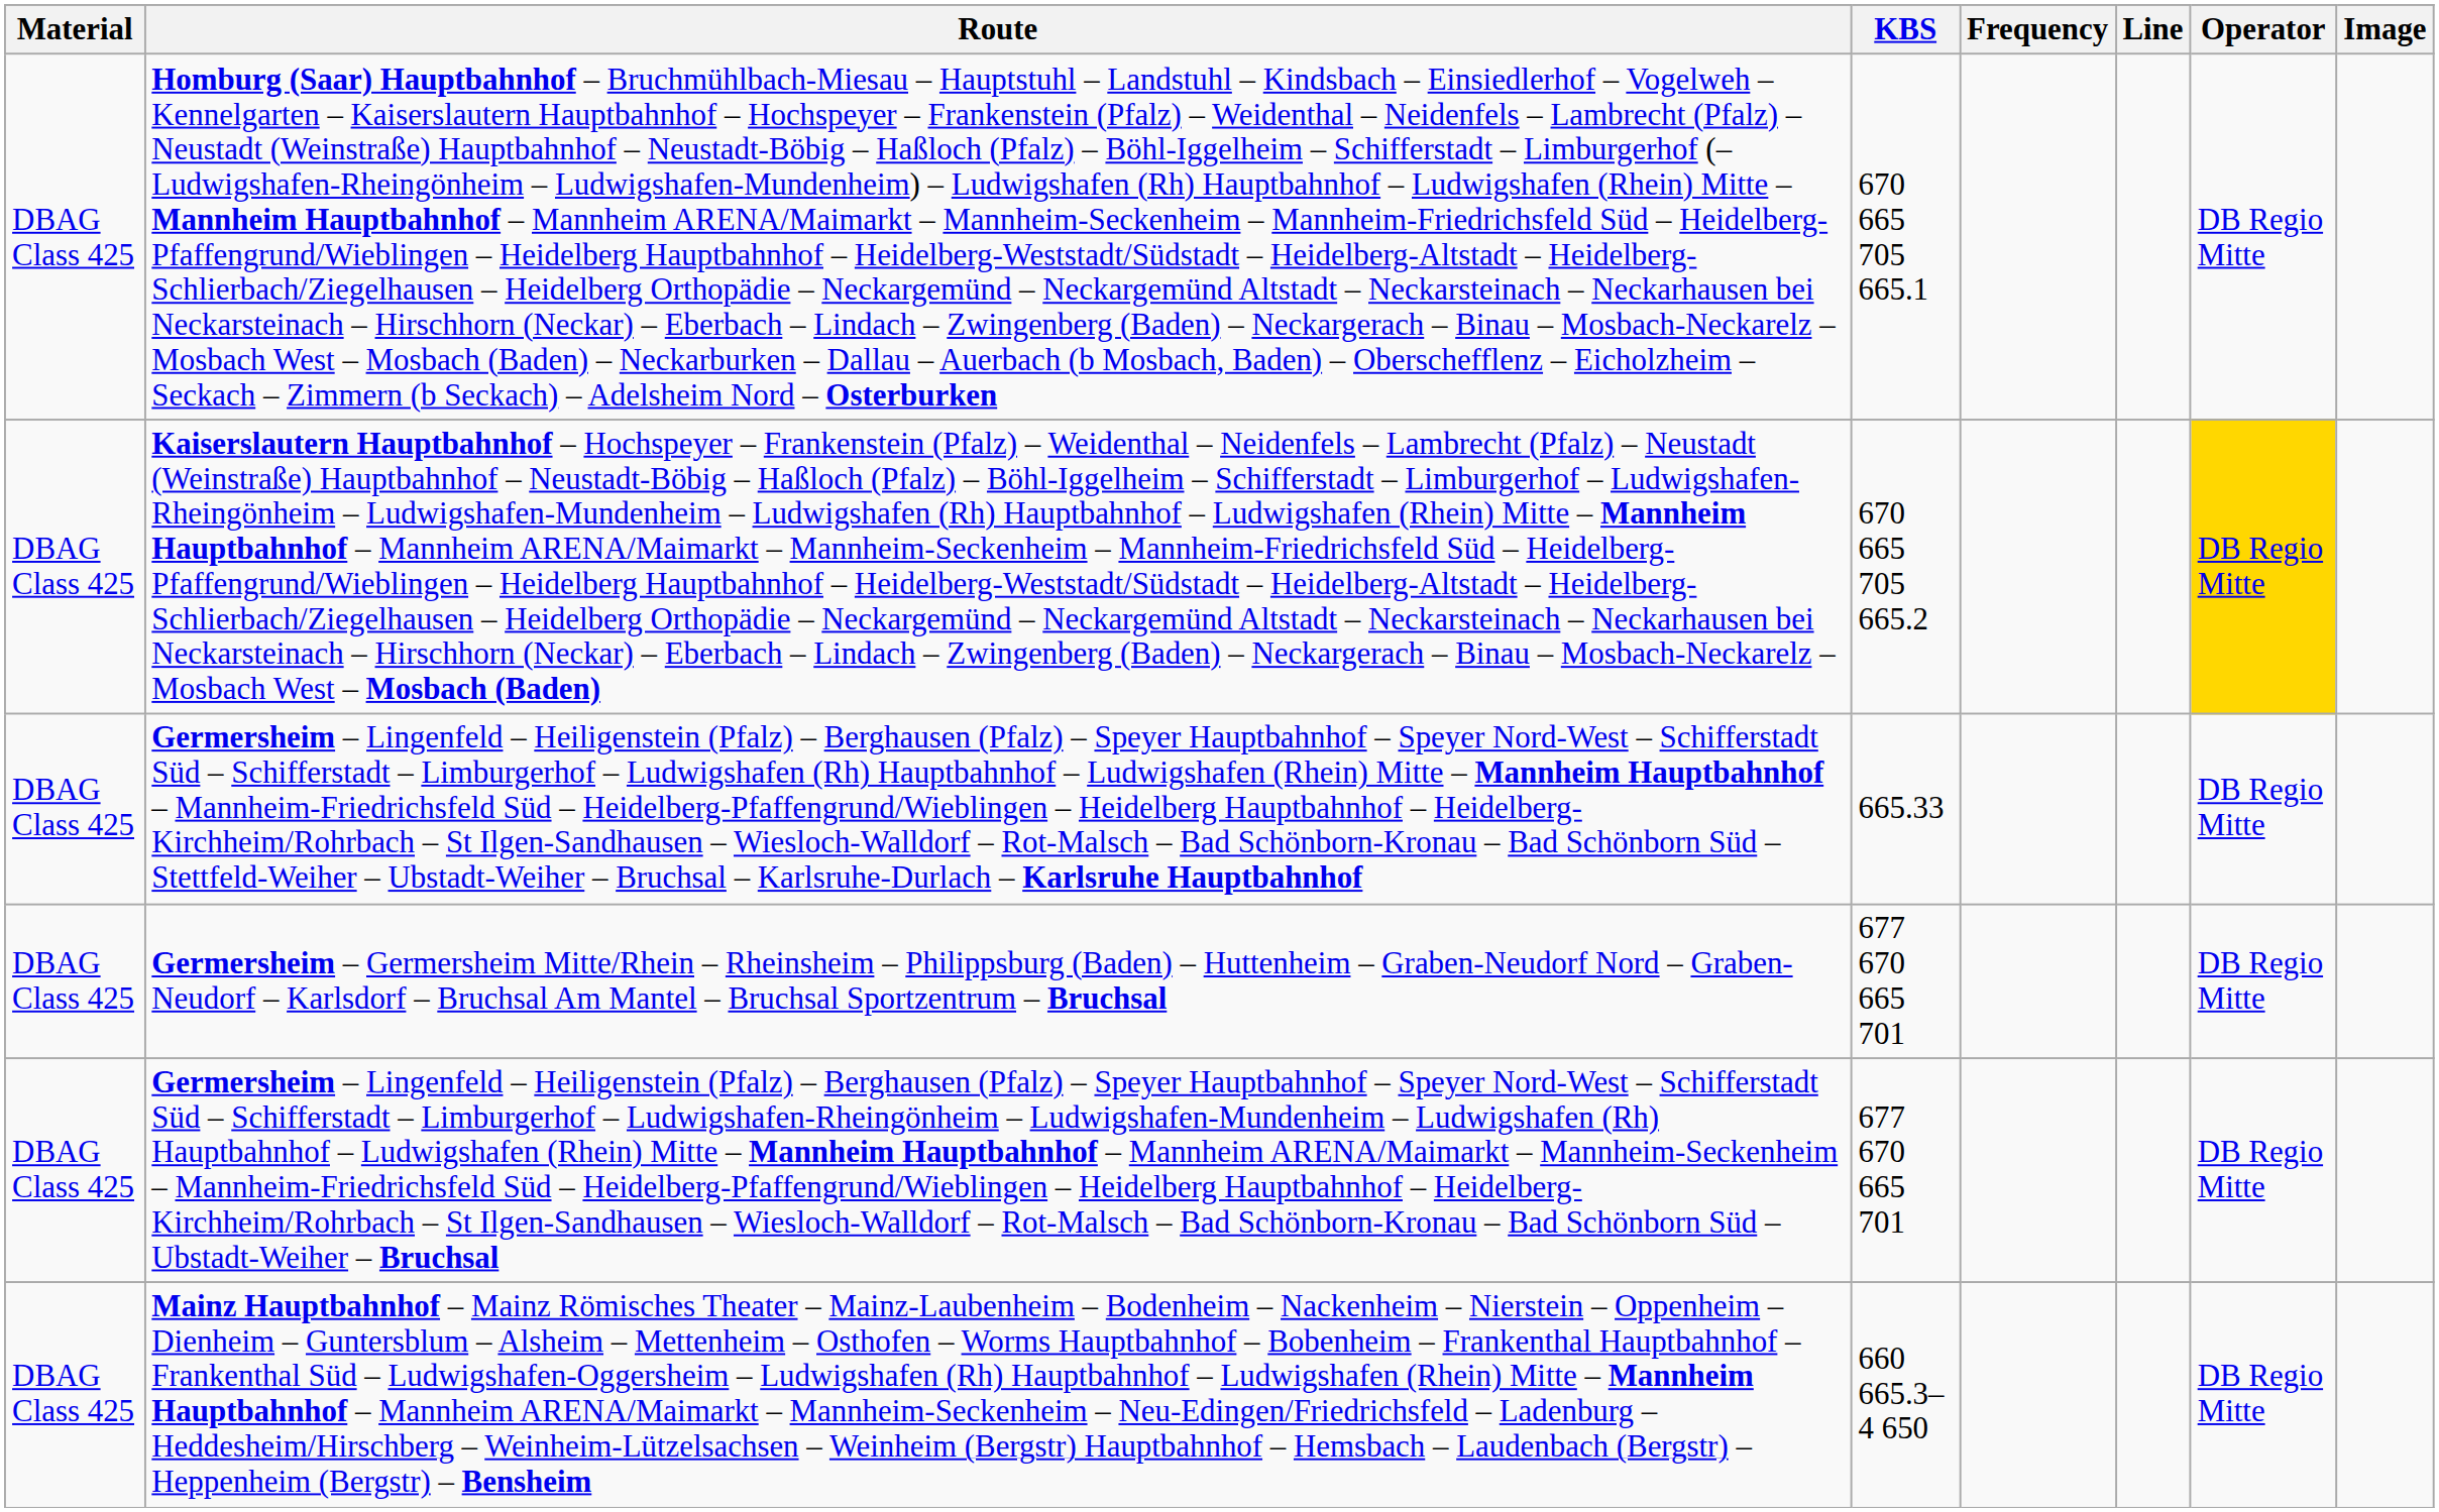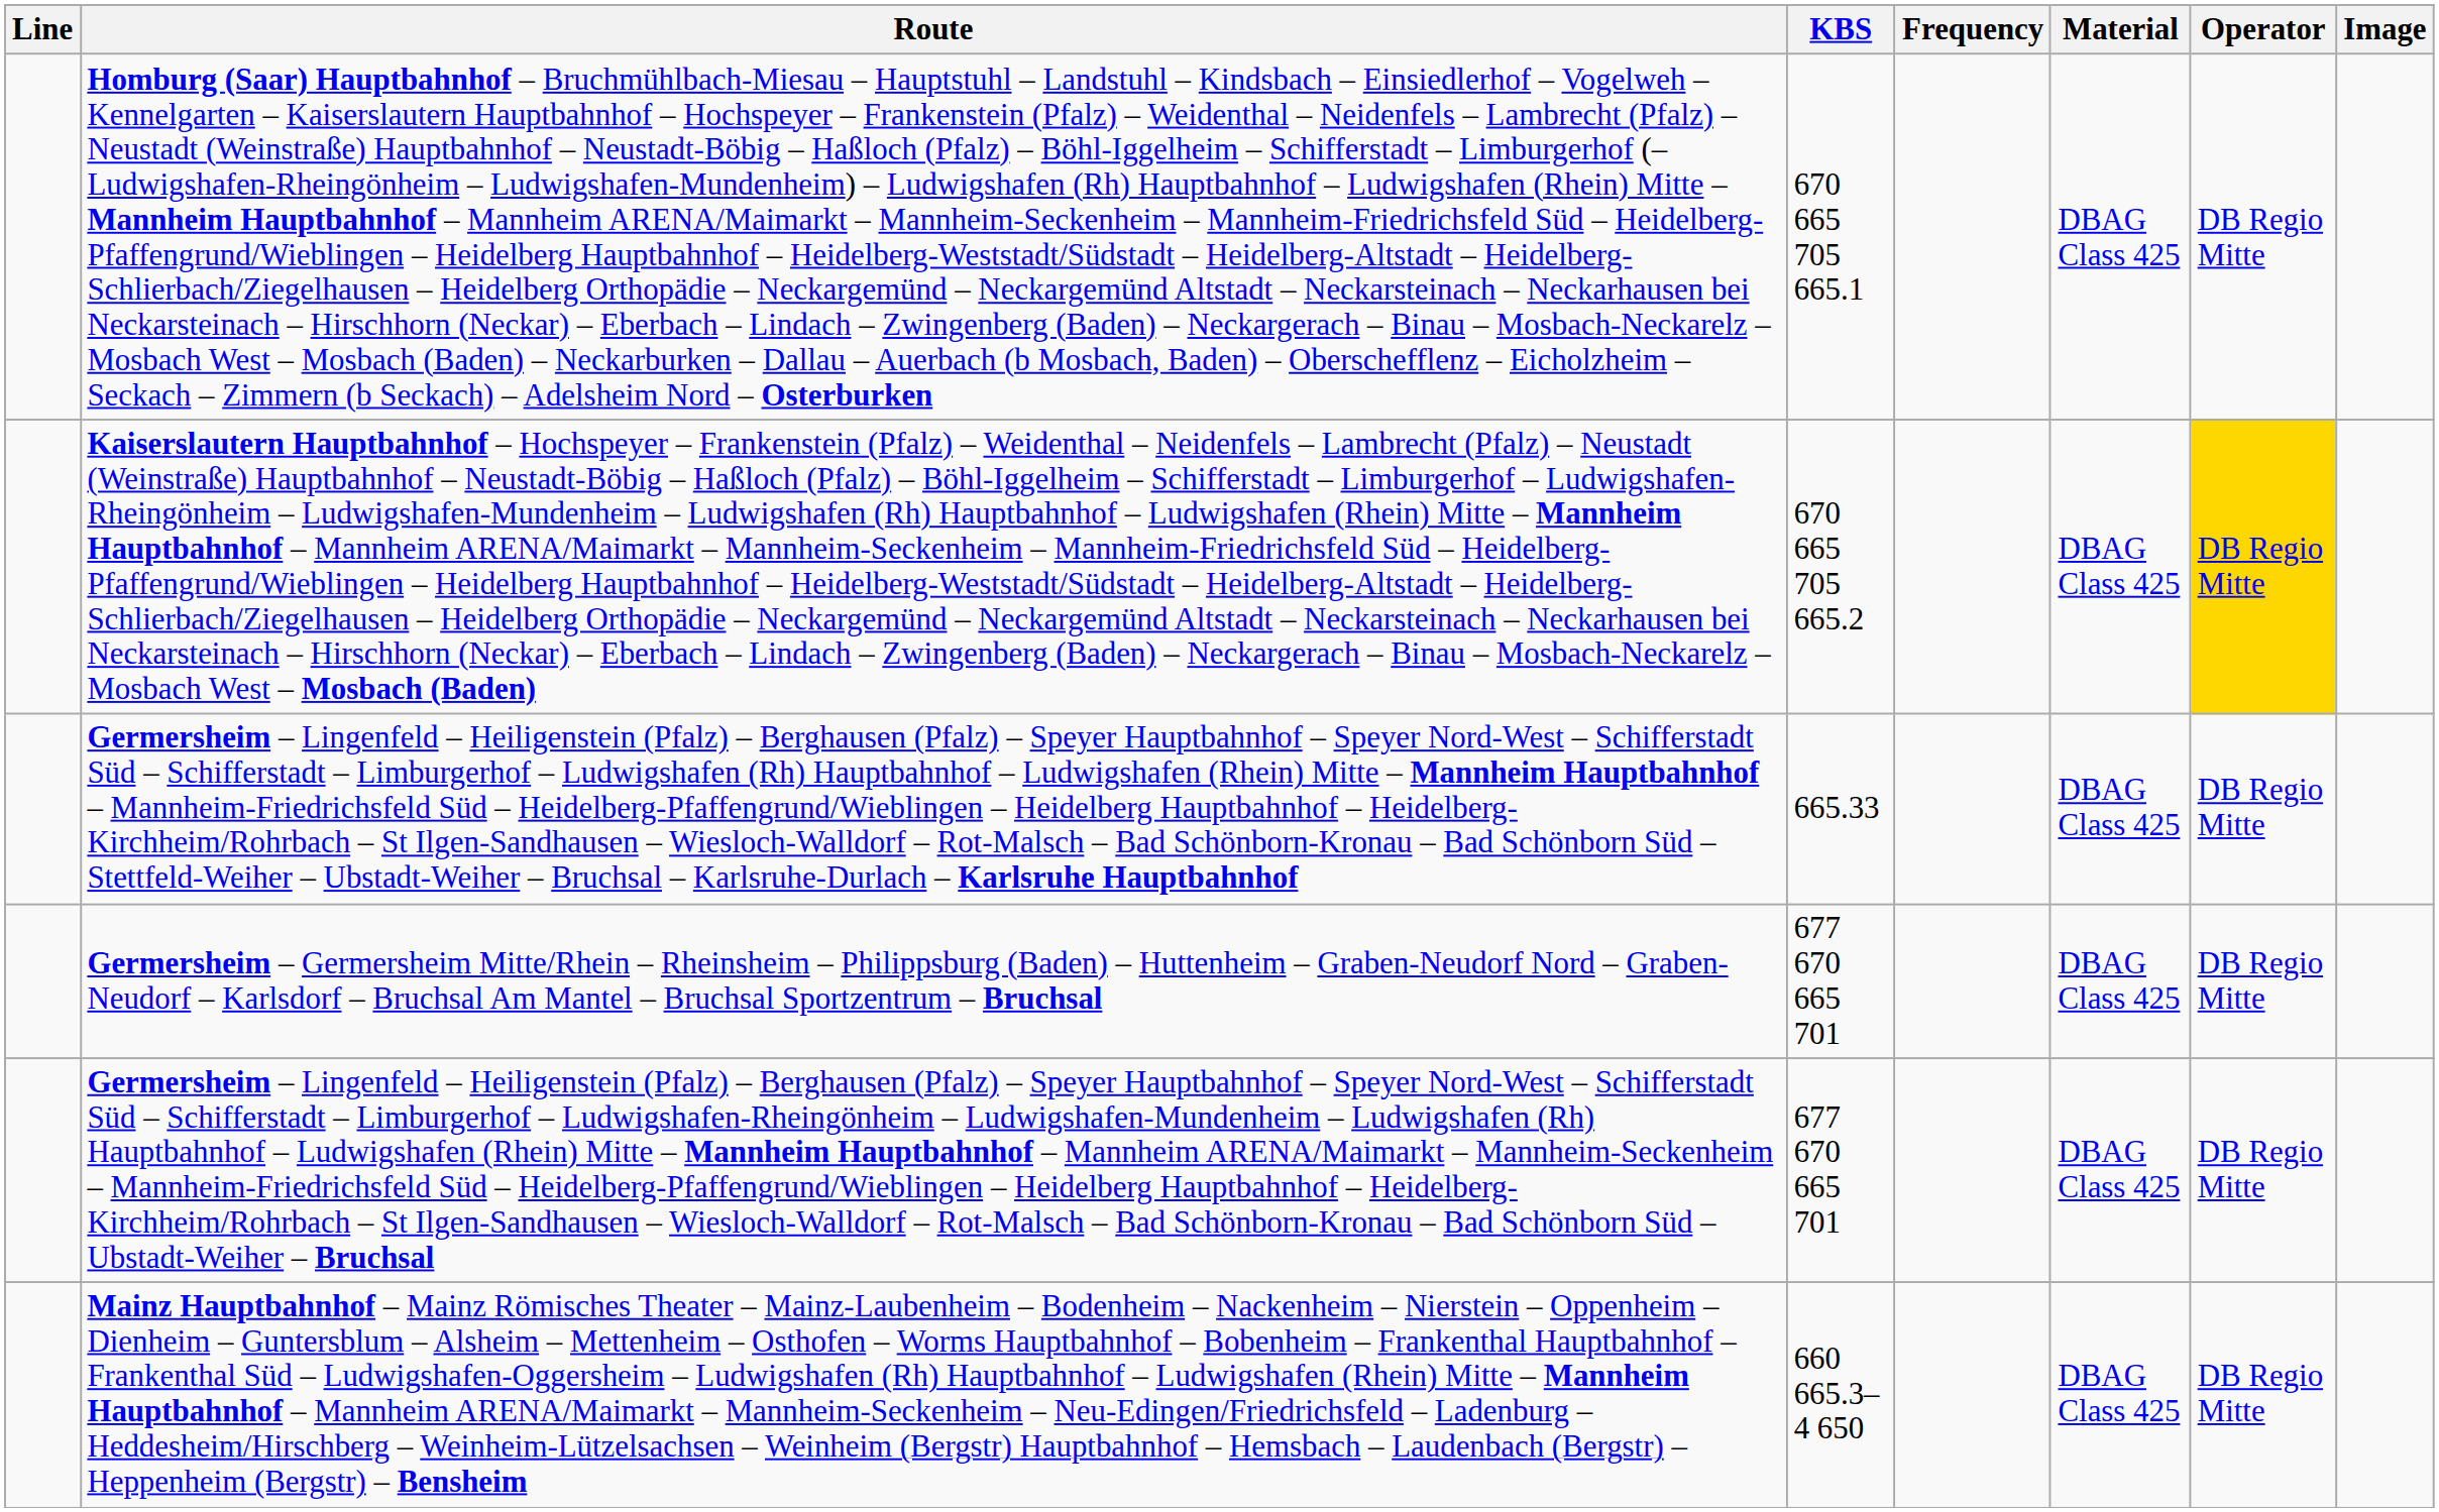 <table class="wikitable sortable" style="">
 <tr>
-<th>Material</th>
+<th>Line</th>
 <th>Route</th>
 <th><a href='#'>KBS</a></th>
 <th>Frequency</th>
-<th>Line</th>
+<th>Material</th>
 <th>Operator</th>
 <th>Image</th>
 </tr>
 <tr>
-<td><a href='#'>DBAG Class 425</a></td>
+<td align="center"></td>
 <td><strong><a href='#'>Homburg (Saar) Hauptbahnhof</a></strong> – <a href='#'>Bruchmühlbach-Miesau</a> – <a href='#'>Hauptstuhl</a> – <a href='#'>Landstuhl</a> – <a href='#'>Kindsbach</a> – <a href='#'>Einsiedlerhof</a> – <a href='#'>Vogelweh</a> – <a href='#'>Kennelgarten</a> – <a href='#'>Kaiserslautern Hauptbahnhof</a> – <a href='#'>Hochspeyer</a> – <a href='#'>Frankenstein (Pfalz)</a> – <a href='#'>Weidenthal</a> – <a href='#'>Neidenfels</a> – <a href='#'>Lambrecht (Pfalz)</a> – <a href='#'>Neustadt (Weinstraße) Hauptbahnhof</a> – <a href='#'>Neustadt-Böbig</a> – <a href='#'>Haßloch (Pfalz)</a> – <a href='#'>Böhl-Iggelheim</a> – <a href='#'>Schifferstadt</a> – <a href='#'>Limburgerhof</a> (– <a href='#'>Ludwigshafen-Rheingönheim</a> – <a href='#'>Ludwigshafen-Mundenheim</a>) – <a href='#'>Ludwigshafen (Rh) Hauptbahnhof</a> – <a href='#'>Ludwigshafen (Rhein) Mitte</a> – <strong><a href='#'>Mannheim Hauptbahnhof</a></strong> – <a href='#'>Mannheim ARENA/Maimarkt</a> – <a href='#'>Mannheim-Seckenheim</a> – <a href='#'>Mannheim-Friedrichsfeld Süd</a> – <a href='#'>Heidelberg-Pfaffengrund/Wieblingen</a> – <a href='#'>Heidelberg Hauptbahnhof</a> – <a href='#'>Heidelberg-Weststadt/Südstadt</a> – <a href='#'>Heidelberg-Altstadt</a> – <a href='#'>Heidelberg-Schlierbach/Ziegelhausen</a> – <a href='#'>Heidelberg Orthopädie</a> – <a href='#'>Neckargemünd</a> – <a href='#'>Neckargemünd Altstadt</a> – <a href='#'>Neckarsteinach</a> – <a href='#'>Neckarhausen bei Neckarsteinach</a> – <a href='#'>Hirschhorn (Neckar)</a> – <a href='#'>Eberbach</a> – <a href='#'>Lindach</a> – <a href='#'>Zwingenberg (Baden)</a> – <a href='#'>Neckargerach</a> – <a href='#'>Binau</a> – <a href='#'>Mosbach-Neckarelz</a> – <a href='#'>Mosbach West</a> – <a href='#'>Mosbach (Baden)</a> – <a href='#'>Neckarburken</a> – <a href='#'>Dallau</a> – <a href='#'>Auerbach (b Mosbach, Baden)</a> – <a href='#'>Oberschefflenz</a> – <a href='#'>Eicholzheim</a> – <a href='#'>Seckach</a> – <a href='#'>Zimmern (b Seckach)</a> – <a href='#'>Adelsheim Nord</a> – <strong><a href='#'>Osterburken</a></strong></td>
 <td>670<br>665 705 665.1</td>
 <td></td>
-<td align="center"></td>
+<td><a href='#'>DBAG Class 425</a></td>
 <td><a href='#'>DB Regio Mitte</a></td>
 <td></td>
 </tr>
 <tr>
-<td><a href='#'>DBAG Class 425</a></td>
+<td align="center"></td>
 <td><strong><a href='#'>Kaiserslautern Hauptbahnhof</a></strong> – <a href='#'>Hochspeyer</a> – <a href='#'>Frankenstein (Pfalz)</a> – <a href='#'>Weidenthal</a> – <a href='#'>Neidenfels</a> – <a href='#'>Lambrecht (Pfalz)</a> – <a href='#'>Neustadt (Weinstraße) Hauptbahnhof</a> – <a href='#'>Neustadt-Böbig</a> – <a href='#'>Haßloch (Pfalz)</a> – <a href='#'>Böhl-Iggelheim</a> – <a href='#'>Schifferstadt</a> – <a href='#'>Limburgerhof</a> – <a href='#'>Ludwigshafen-Rheingönheim</a> – <a href='#'>Ludwigshafen-Mundenheim</a> – <a href='#'>Ludwigshafen (Rh) Hauptbahnhof</a> – <a href='#'>Ludwigshafen (Rhein) Mitte</a> – <strong><a href='#'>Mannheim Hauptbahnhof</a></strong> – <a href='#'>Mannheim ARENA/Maimarkt</a> – <a href='#'>Mannheim-Seckenheim</a> – <a href='#'>Mannheim-Friedrichsfeld Süd</a> – <a href='#'>Heidelberg-Pfaffengrund/Wieblingen</a> – <a href='#'>Heidelberg Hauptbahnhof</a> – <a href='#'>Heidelberg-Weststadt/Südstadt</a> – <a href='#'>Heidelberg-Altstadt</a> – <a href='#'>Heidelberg-Schlierbach/Ziegelhausen</a> – <a href='#'>Heidelberg Orthopädie</a> – <a href='#'>Neckargemünd</a> – <a href='#'>Neckargemünd Altstadt</a> – <a href='#'>Neckarsteinach</a> – <a href='#'>Neckarhausen bei Neckarsteinach</a> – <a href='#'>Hirschhorn (Neckar)</a> – <a href='#'>Eberbach</a> – <a href='#'>Lindach</a> – <a href='#'>Zwingenberg (Baden)</a> – <a href='#'>Neckargerach</a> – <a href='#'>Binau</a> – <a href='#'>Mosbach-Neckarelz</a> – <a href='#'>Mosbach West</a> – <strong><a href='#'>Mosbach (Baden)</a></strong></td>
 <td>670<br>665 705 665.2</td>
 <td></td>
-<td align="center"></td>
+<td><a href='#'>DBAG Class 425</a></td>
 <td style="background: gold;"><a href='#'>DB Regio Mitte</a></td>
 <td></td>
 </tr>
 <tr>
-<td><a href='#'>DBAG Class 425</a></td>
+<td></td>
 <td><strong><a href='#'>Germersheim</a></strong> – <a href='#'>Lingenfeld</a> – <a href='#'>Heiligenstein (Pfalz)</a> – <a href='#'>Berghausen (Pfalz)</a> – <a href='#'>Speyer Hauptbahnhof</a> – <a href='#'>Speyer Nord-West</a> – <a href='#'>Schifferstadt Süd</a> – <a href='#'>Schifferstadt</a> – <a href='#'>Limburgerhof</a> – <a href='#'>Ludwigshafen (Rh) Hauptbahnhof</a> – <a href='#'>Ludwigshafen (Rhein) Mitte</a> – <strong><a href='#'>Mannheim Hauptbahnhof</a></strong> – <a href='#'>Mannheim-Friedrichsfeld Süd</a> – <a href='#'>Heidelberg-Pfaffengrund/Wieblingen</a> – <a href='#'>Heidelberg Hauptbahnhof</a> – <a href='#'>Heidelberg-Kirchheim/Rohrbach</a> – <a href='#'>St Ilgen-Sandhausen</a> – <a href='#'>Wiesloch-Walldorf</a> – <a href='#'>Rot-Malsch</a> – <a href='#'>Bad Schönborn-Kronau</a> – <a href='#'>Bad Schönborn Süd</a> – <a href='#'>Stettfeld-Weiher</a> – <a href='#'>Ubstadt-Weiher</a> – <a href='#'>Bruchsal</a> – <a href='#'>Karlsruhe-Durlach</a> – <strong><a href='#'>Karlsruhe Hauptbahnhof</a></strong></td>
 <td>665.33</td>
 <td></td>
-<td></td>
+<td><a href='#'>DBAG Class 425</a></td>
 <td><a href='#'>DB Regio Mitte</a></td>
 <td></td>
 </tr>
 <tr>
-<td><a href='#'>DBAG Class 425</a></td>
+<td></td>
 <td><strong><a href='#'>Germersheim</a></strong> – <a href='#'>Germersheim Mitte/Rhein</a> – <a href='#'>Rheinsheim</a> – <a href='#'>Philippsburg (Baden)</a> – <a href='#'>Huttenheim</a> – <a href='#'>Graben-Neudorf Nord</a> – <a href='#'>Graben-Neudorf</a> – <a href='#'>Karlsdorf</a> – <a href='#'>Bruchsal Am Mantel</a> – <a href='#'>Bruchsal Sportzentrum</a> – <strong><a href='#'>Bruchsal</a></strong></td>
 <td>677<br>670 665 701</td>
 <td></td>
-<td></td>
+<td><a href='#'>DBAG Class 425</a></td>
 <td><a href='#'>DB Regio Mitte</a></td>
 <td></td>
 </tr>
 <tr>
-<td><a href='#'>DBAG Class 425</a></td>
+<td></td>
 <td><strong><a href='#'>Germersheim</a></strong> – <a href='#'>Lingenfeld</a> – <a href='#'>Heiligenstein (Pfalz)</a> – <a href='#'>Berghausen (Pfalz)</a> – <a href='#'>Speyer Hauptbahnhof</a> – <a href='#'>Speyer Nord-West</a> – <a href='#'>Schifferstadt Süd</a> – <a href='#'>Schifferstadt</a> – <a href='#'>Limburgerhof</a> – <a href='#'>Ludwigshafen-Rheingönheim</a> – <a href='#'>Ludwigshafen-Mundenheim</a> – <a href='#'>Ludwigshafen (Rh) Hauptbahnhof</a> – <a href='#'>Ludwigshafen (Rhein) Mitte</a> – <strong><a href='#'>Mannheim Hauptbahnhof</a></strong> – <a href='#'>Mannheim ARENA/Maimarkt</a> – <a href='#'>Mannheim-Seckenheim</a> – <a href='#'>Mannheim-Friedrichsfeld Süd</a> – <a href='#'>Heidelberg-Pfaffengrund/Wieblingen</a> – <a href='#'>Heidelberg Hauptbahnhof</a> – <a href='#'>Heidelberg-Kirchheim/Rohrbach</a> – <a href='#'>St Ilgen-Sandhausen</a> – <a href='#'>Wiesloch-Walldorf</a> – <a href='#'>Rot-Malsch</a> – <a href='#'>Bad Schönborn-Kronau</a> – <a href='#'>Bad Schönborn Süd</a> – <a href='#'>Ubstadt-Weiher</a> – <strong><a href='#'>Bruchsal</a></strong></td>
 <td>677<br>670 665 701</td>
 <td></td>
-<td></td>
+<td><a href='#'>DBAG Class 425</a></td>
 <td><a href='#'>DB Regio Mitte</a></td>
 <td></td>
 </tr>
 <tr>
-<td><a href='#'>DBAG Class 425</a></td>
+<td></td>
 <td><strong><a href='#'>Mainz Hauptbahnhof</a></strong> – <a href='#'>Mainz Römisches Theater</a> – <a href='#'>Mainz-Laubenheim</a> – <a href='#'>Bodenheim</a> – <a href='#'>Nackenheim</a> – <a href='#'>Nierstein</a> – <a href='#'>Oppenheim</a> – <a href='#'>Dienheim</a> – <a href='#'>Guntersblum</a> – <a href='#'>Alsheim</a> – <a href='#'>Mettenheim</a> – <a href='#'>Osthofen</a> – <a href='#'>Worms Hauptbahnhof</a> – <a href='#'>Bobenheim</a> – <a href='#'>Frankenthal Hauptbahnhof</a> – <a href='#'>Frankenthal Süd</a> – <a href='#'>Ludwigshafen-Oggersheim</a> – <a href='#'>Ludwigshafen (Rh) Hauptbahnhof</a> – <a href='#'>Ludwigshafen (Rhein) Mitte</a> – <strong><a href='#'>Mannheim Hauptbahnhof</a></strong> – <a href='#'>Mannheim ARENA/Maimarkt</a> – <a href='#'>Mannheim-Seckenheim</a> – <a href='#'>Neu-Edingen/Friedrichsfeld</a> – <a href='#'>Ladenburg</a> – <a href='#'>Heddesheim/Hirschberg</a> – <a href='#'>Weinheim-Lützelsachsen</a> – <a href='#'>Weinheim (Bergstr) Hauptbahnhof</a> – <a href='#'>Hemsbach</a> – <a href='#'>Laudenbach (Bergstr)</a> – <a href='#'>Heppenheim (Bergstr)</a> – <strong><a href='#'>Bensheim</a></strong></td>
 <td>660<br>665.3–4 650</td>
 <td></td>
-<td></td>
+<td><a href='#'>DBAG Class 425</a></td>
 <td><a href='#'>DB Regio Mitte</a></td>
 <td></td>
 </tr>
 </table>
